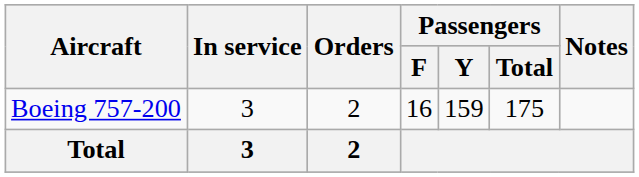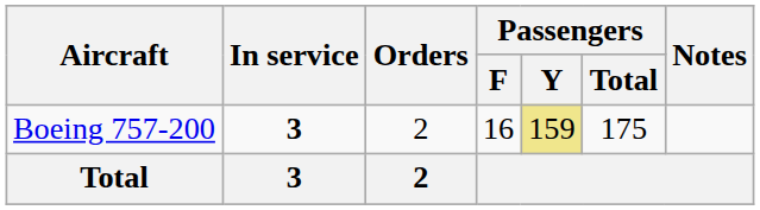 <table class="wikitable" style="margin:0.5em auto; text-align:center">
 <tr>
 <th rowspan="2">Aircraft</th>
 <th rowspan="2">In service</th>
 <th rowspan="2">Orders</th>
 <th colspan="3">Passengers</th>
 <th rowspan="2">Notes</th>
 </tr>
 <tr>
 <th><abbr>F</abbr></th>
 <th><abbr>Y</abbr></th>
 <th>Total</th>
 </tr>
 <tr>
 <td><a href='#'>Boeing 757-200</a></td>
-<td>3</td>
+<td><strong>3</strong></td>
 <td>2</td>
 <td>16</td>
-<td>159</td>
+<td style="background: khaki;">159</td>
 <td>175</td>
 <td></td>
 </tr>
 <tr>
 <th>Total</th>
 <th>3</th>
 <th>2</th>
 <th colspan="4"></th>
 </tr>
 </table>
